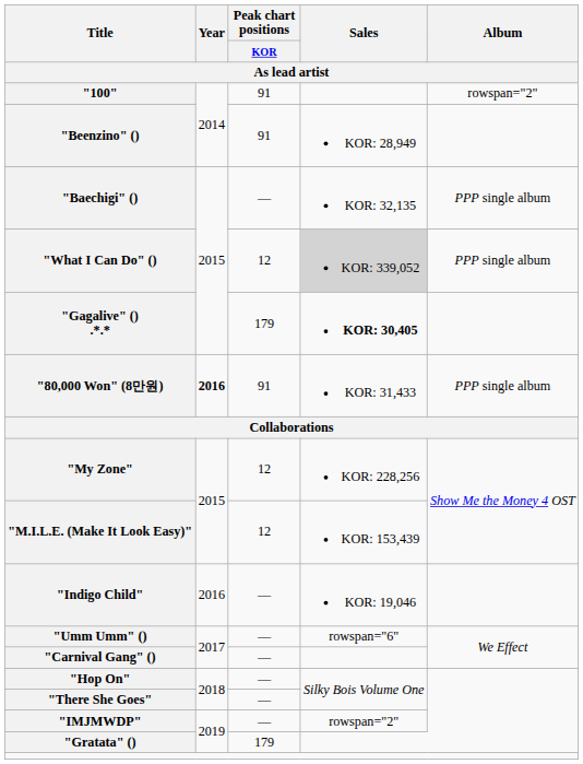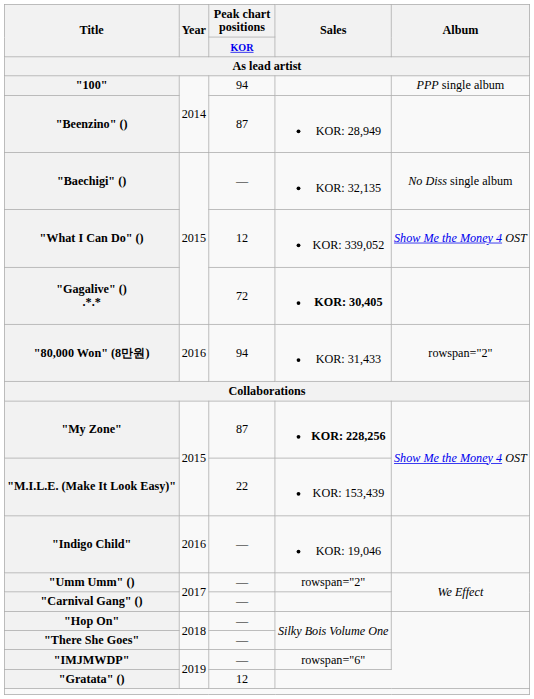 <table class="wikitable plainrowheaders" style="text-align:center;">
 <tr>
 <th rowspan="2" scope="col">Title</th>
 <th rowspan="2" scope="col">Year</th>
 <th colspan="1" scope="col" style="width:5em;">Peak chart positions</th>
 <th rowspan="2" scope="col">Sales</th>
 <th rowspan="2" scope="col">Album</th>
 </tr>
 <tr>
 <th><small><a href='#'>KOR</a></small><br></th>
 </tr>
 <tr>
 <th colspan="5">As lead artist</th>
 </tr>
 <tr>
 <th scope="row">"100"<br></th>
 <td rowspan="2">2014</td>
-<td>91</td>
+<td>94</td>
 <td></td>
-<td>rowspan="2" </td>
+<td><em>PPP</em> single album</td>
 </tr>
 <tr>
 <th scope="row">"Beenzino" ()</th>
-<td>91</td>
+<td>87</td>
 <td><br><ul><li>KOR: 28,949</li></ul></td>
 </tr>
 <tr>
 <th scope="row">"Baechigi" ()</th>
 <td rowspan="3">2015</td>
 <td>—</td>
 <td><br><ul><li>KOR: 32,135</li></ul></td>
-<td><em>PPP</em> single album</td>
+<td><em>No Diss</em> single album</td>
 </tr>
 <tr>
 <th scope="row">"What I Can Do" ()<br></th>
 <td>12</td>
-<td style="background: lightgrey;"><br><ul><li>KOR: 339,052</li></ul></td>
-<td><em>PPP</em> single album</td>
+<td><br><ul><li>KOR: 339,052</li></ul></td>
+<td><em><a href='#'>Show Me the Money 4</a> OST</em></td>
 </tr>
 <tr>
 <th scope="row">"Gagalive" ()<br>.*.*</th>
-<td>179</td>
+<td>72</td>
 <td><strong><br><ul><li>KOR: 30,405</li></ul></strong></td>
 <td></td>
 </tr>
 <tr>
 <th scope="row">"80,000 Won" (8만원)</th>
-<td><strong>2016</strong></td>
-<td>91</td>
+<td>2016</td>
+<td>94</td>
 <td><br><ul><li>KOR: 31,433</li></ul></td>
-<td><em>PPP</em> single album</td>
+<td>rowspan="2" </td>
 </tr>
 <tr>
 <th colspan="5">Collaborations</th>
 </tr>
 <tr>
 <th scope="row">"My Zone"<br></th>
 <td rowspan="2">2015</td>
-<td>12</td>
-<td><br><ul><li>KOR: 228,256</li></ul></td>
+<td>87</td>
+<td><strong><br><ul><li>KOR: 228,256</li></ul></strong></td>
 <td rowspan="2"><em><a href='#'>Show Me the Money 4</a> OST</em></td>
 </tr>
 <tr>
 <th scope="row">"M.I.L.E. (Make It Look Easy)"<br></th>
-<td>12</td>
+<td>22</td>
 <td><br><ul><li>KOR: 153,439</li></ul></td>
 </tr>
 <tr>
 <th scope="row">"Indigo Child"<br></th>
 <td>2016</td>
 <td>—</td>
 <td><br><ul><li>KOR: 19,046</li></ul></td>
 <td></td>
 </tr>
 <tr>
 <th scope="row">"Umm Umm" ()<br></th>
 <td rowspan="2">2017</td>
 <td>—</td>
-<td>rowspan="6" </td>
+<td>rowspan="2" </td>
 <td rowspan="2"><em>We Effect</em></td>
 </tr>
 <tr>
 <th scope="row">"Carnival Gang" ()<br></th>
 <td>—</td>
 </tr>
 <tr>
 <th scope="row">"Hop On"<br></th>
 <td rowspan="2">2018</td>
 <td>—</td>
 <td rowspan="2"><em>Silky Bois Volume One</em></td>
 </tr>
 <tr>
 <th scope="row">"There She Goes"<br></th>
 <td>—</td>
 </tr>
 <tr>
 <th scope="row">"IMJMWDP"<br></th>
 <td rowspan="2">2019</td>
 <td>—</td>
-<td>rowspan="2" </td>
+<td>rowspan="6" </td>
 </tr>
 <tr>
 <th scope="row">"Gratata" ()<br></th>
-<td>179</td>
+<td>12</td>
 </tr>
 <tr>
 <td colspan="5"></td>
 </tr>
 </table>
